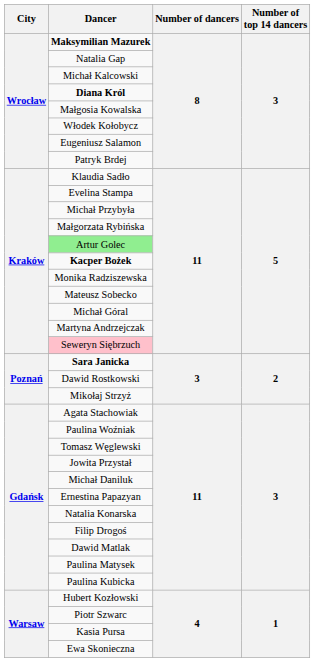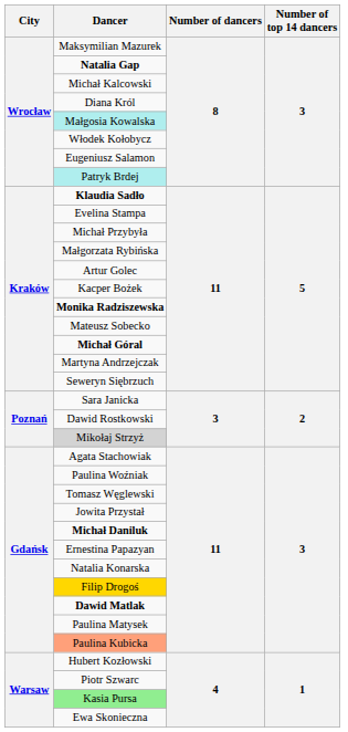 <table class="wikitable" style="font-size:90%; text-align:center">
 <tr>
 <th>City</th>
 <th>Dancer</th>
 <th>Number of dancers</th>
 <th>Number of<br>top 14 dancers</th>
 </tr>
 <tr>
 <th rowspan="8"><a href='#'>Wrocław</a></th>
-<td><strong>Maksymilian Mazurek</strong></td>
+<td>Maksymilian Mazurek</td>
 <th rowspan="8">8</th>
 <th rowspan="8">3</th>
 </tr>
 <tr>
-<td>Natalia Gap</td>
+<td><strong>Natalia Gap</strong></td>
 </tr>
 <tr>
 <td>Michał Kalcowski</td>
 </tr>
 <tr>
-<td><strong>Diana Król</strong></td>
+<td>Diana Król</td>
 </tr>
 <tr>
-<td>Małgosia Kowalska</td>
+<td style="background: paleturquoise;">Małgosia Kowalska</td>
 </tr>
 <tr>
 <td>Włodek Kołobycz</td>
 </tr>
 <tr>
 <td>Eugeniusz Salamon</td>
 </tr>
 <tr>
-<td>Patryk Brdej</td>
+<td style="background: paleturquoise;">Patryk Brdej</td>
 </tr>
 <tr>
 <th rowspan="11"><a href='#'>Kraków</a></th>
-<td>Klaudia Sadło</td>
+<td><strong>Klaudia Sadło</strong></td>
 <th rowspan="11">11</th>
 <th rowspan="11">5</th>
 </tr>
 <tr>
 <td>Evelina Stampa</td>
 </tr>
 <tr>
 <td>Michał Przybyła</td>
 </tr>
 <tr>
 <td>Małgorzata Rybińska</td>
 </tr>
 <tr>
-<td style="background: lightgreen;">Artur Golec</td>
+<td>Artur Golec</td>
 </tr>
 <tr>
-<td><strong>Kacper Bożek</strong></td>
+<td>Kacper Bożek</td>
 </tr>
 <tr>
-<td>Monika Radziszewska</td>
+<td><strong>Monika Radziszewska</strong></td>
 </tr>
 <tr>
 <td>Mateusz Sobecko</td>
 </tr>
 <tr>
-<td>Michał Góral</td>
+<td><strong>Michał Góral</strong></td>
 </tr>
 <tr>
 <td>Martyna Andrzejczak</td>
 </tr>
 <tr>
-<td style="background: pink;">Seweryn Siębrzuch</td>
+<td>Seweryn Siębrzuch</td>
 </tr>
 <tr>
 <th rowspan="3"><a href='#'>Poznań</a></th>
-<td><strong>Sara Janicka</strong></td>
+<td>Sara Janicka</td>
 <th rowspan="3">3</th>
 <th rowspan="3">2</th>
 </tr>
 <tr>
 <td>Dawid Rostkowski</td>
 </tr>
 <tr>
-<td>Mikołaj Strzyż</td>
+<td style="background: lightgrey;">Mikołaj Strzyż</td>
 </tr>
 <tr>
 <th rowspan="11"><a href='#'>Gdańsk</a></th>
 <td>Agata Stachowiak</td>
 <th rowspan="11">11</th>
 <th rowspan="11">3</th>
 </tr>
 <tr>
 <td>Paulina Woźniak</td>
 </tr>
 <tr>
 <td>Tomasz Węglewski</td>
 </tr>
 <tr>
 <td>Jowita Przystał</td>
 </tr>
 <tr>
-<td>Michał Daniluk</td>
+<td><strong>Michał Daniluk</strong></td>
 </tr>
 <tr>
 <td>Ernestina Papazyan</td>
 </tr>
 <tr>
 <td>Natalia Konarska</td>
 </tr>
 <tr>
-<td>Filip Drogoś</td>
+<td style="background: gold;">Filip Drogoś</td>
 </tr>
 <tr>
-<td>Dawid Matlak</td>
+<td><strong>Dawid Matlak</strong></td>
 </tr>
 <tr>
 <td>Paulina Matysek</td>
 </tr>
 <tr>
-<td>Paulina Kubicka</td>
+<td style="background: lightsalmon;">Paulina Kubicka</td>
 </tr>
 <tr>
 <th rowspan="4"><a href='#'>Warsaw</a></th>
 <td>Hubert Kozłowski</td>
 <th rowspan="4">4</th>
 <th rowspan="4">1</th>
 </tr>
 <tr>
 <td>Piotr Szwarc</td>
 </tr>
 <tr>
-<td>Kasia Pursa</td>
+<td style="background: lightgreen;">Kasia Pursa</td>
 </tr>
 <tr>
 <td>Ewa Skonieczna</td>
 </tr>
 </table>
